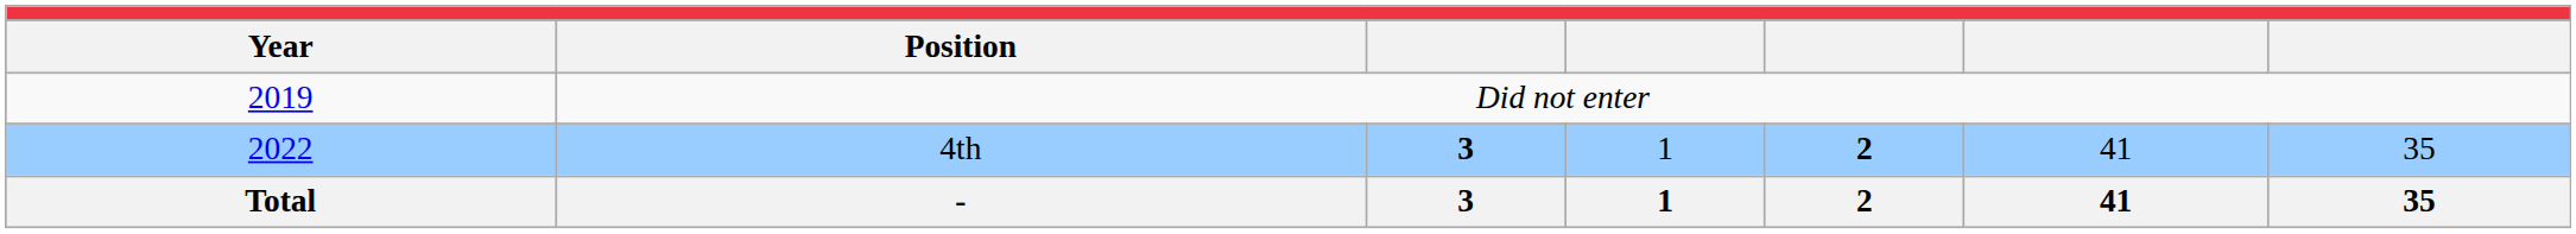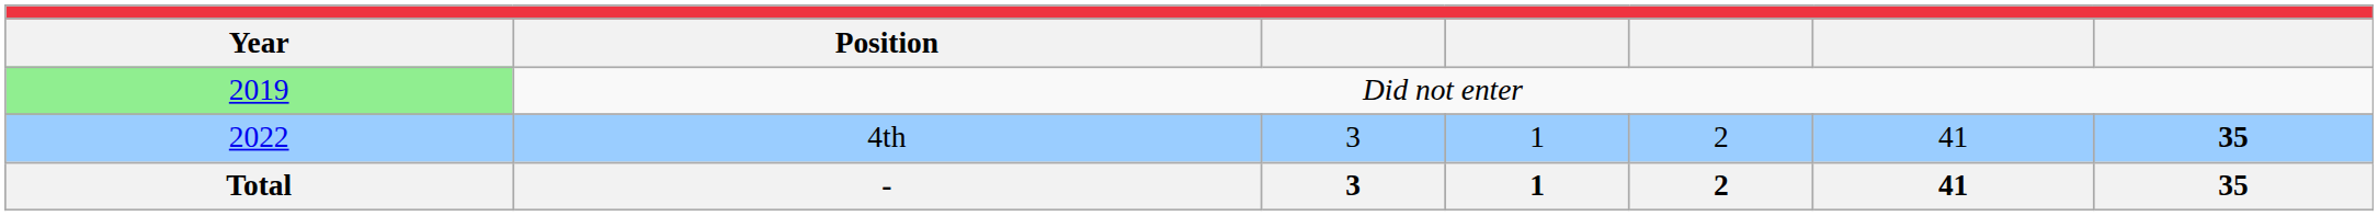 <table class="wikitable"width=100% style="text-align: center;font-size:100%;">
 <tr>
 <th style="background:#EF3340;" colspan="7"><a href='#'></a></th>
 </tr>
 <tr>
 <th>Year</th>
 <th>Position</th>
 <th></th>
 <th></th>
 <th></th>
 <th></th>
 <th></th>
 </tr>
 <tr>
-<td> <a href='#'>2019</a></td>
+<td style="background: lightgreen;"> <a href='#'>2019</a></td>
 <td colspan=6 rowspan=1><em>Did not enter</em></td>
 </tr>
 <tr style="background:#9acdff;">
 <td> <a href='#'>2022</a></td>
 <td>4th</td>
-<td><strong>3</strong></td>
+<td>3</td>
 <td>1</td>
-<td><strong>2</strong></td>
+<td>2</td>
 <td>41</td>
-<td>35</td>
+<td><strong>35</strong></td>
 </tr>
 <tr>
 <th>Total</th>
 <th>-</th>
 <th>3</th>
 <th>1</th>
 <th>2</th>
 <th>41</th>
 <th>35</th>
 </tr>
 </table>
